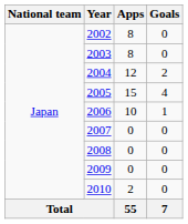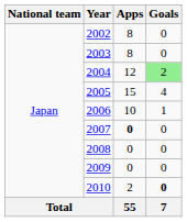 <table class="wikitable" style="text-align:center">
 <tr>
 <th>National team</th>
 <th>Year</th>
 <th>Apps</th>
 <th>Goals</th>
 </tr>
 <tr>
 <td rowspan="9"><a href='#'>Japan</a></td>
 <td><a href='#'>2002</a></td>
 <td>8</td>
 <td>0</td>
 </tr>
 <tr>
 <td><a href='#'>2003</a></td>
 <td>8</td>
 <td>0</td>
 </tr>
 <tr>
 <td><a href='#'>2004</a></td>
 <td>12</td>
-<td>2</td>
+<td style="background: lightgreen;">2</td>
 </tr>
 <tr>
 <td><a href='#'>2005</a></td>
 <td>15</td>
 <td>4</td>
 </tr>
 <tr>
 <td><a href='#'>2006</a></td>
 <td>10</td>
 <td>1</td>
 </tr>
 <tr>
 <td><a href='#'>2007</a></td>
-<td>0</td>
+<td><strong>0</strong></td>
 <td>0</td>
 </tr>
 <tr>
 <td><a href='#'>2008</a></td>
 <td>0</td>
 <td>0</td>
 </tr>
 <tr>
 <td><a href='#'>2009</a></td>
 <td>0</td>
 <td>0</td>
 </tr>
 <tr>
 <td><a href='#'>2010</a></td>
 <td>2</td>
-<td>0</td>
+<td><strong>0</strong></td>
 </tr>
 <tr>
 <th colspan="2">Total</th>
 <th>55</th>
 <th>7</th>
 </tr>
 </table>
